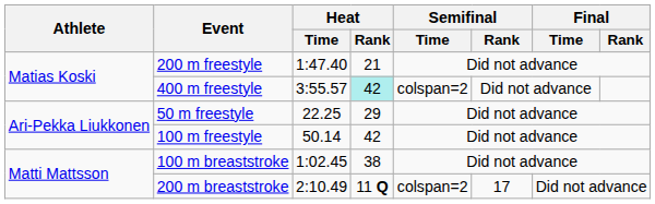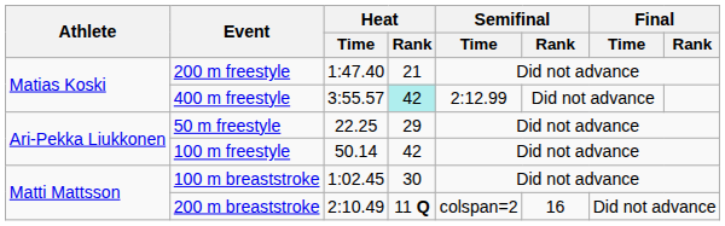 <table class=wikitable style="font-size:90%">
 <tr>
 <th rowspan="2">Athlete</th>
 <th rowspan="2">Event</th>
 <th colspan="2">Heat</th>
 <th colspan="2">Semifinal</th>
 <th colspan="2">Final</th>
 </tr>
 <tr style="font-size:95%">
 <th>Time</th>
 <th>Rank</th>
 <th>Time</th>
 <th>Rank</th>
 <th>Time</th>
 <th>Rank</th>
 </tr>
 <tr align=center>
 <td align=left rowspan=2><a href='#'>Matias Koski</a></td>
 <td align=left><a href='#'>200 m freestyle</a></td>
 <td>1:47.40</td>
 <td>21</td>
 <td colspan=4>Did not advance</td>
 </tr>
 <tr align=center>
 <td align=left><a href='#'>400 m freestyle</a></td>
 <td>3:55.57</td>
 <td style="background: paleturquoise;">42</td>
-<td>colspan=2 </td>
+<td>2:12.99</td>
 <td colspan=2>Did not advance</td>
 </tr>
 <tr align=center>
 <td align=left rowspan=2><a href='#'>Ari-Pekka Liukkonen</a></td>
 <td align=left><a href='#'>50 m freestyle</a></td>
 <td>22.25</td>
 <td>29</td>
 <td colspan=4>Did not advance</td>
 </tr>
 <tr align=center>
 <td align=left><a href='#'>100 m freestyle</a></td>
 <td>50.14</td>
 <td>42</td>
 <td colspan=4>Did not advance</td>
 </tr>
 <tr align=center>
 <td align=left rowspan=2><a href='#'>Matti Mattsson</a></td>
 <td align=left><a href='#'>100 m breaststroke</a></td>
 <td>1:02.45</td>
-<td>38</td>
+<td>30</td>
 <td colspan=4>Did not advance</td>
 </tr>
 <tr align=center>
 <td align=left><a href='#'>200 m breaststroke</a></td>
 <td>2:10.49</td>
 <td>11 <strong>Q</strong></td>
 <td>colspan=2 </td>
-<td>17</td>
+<td>16</td>
 <td colspan=2>Did not advance</td>
 </tr>
 </table>
